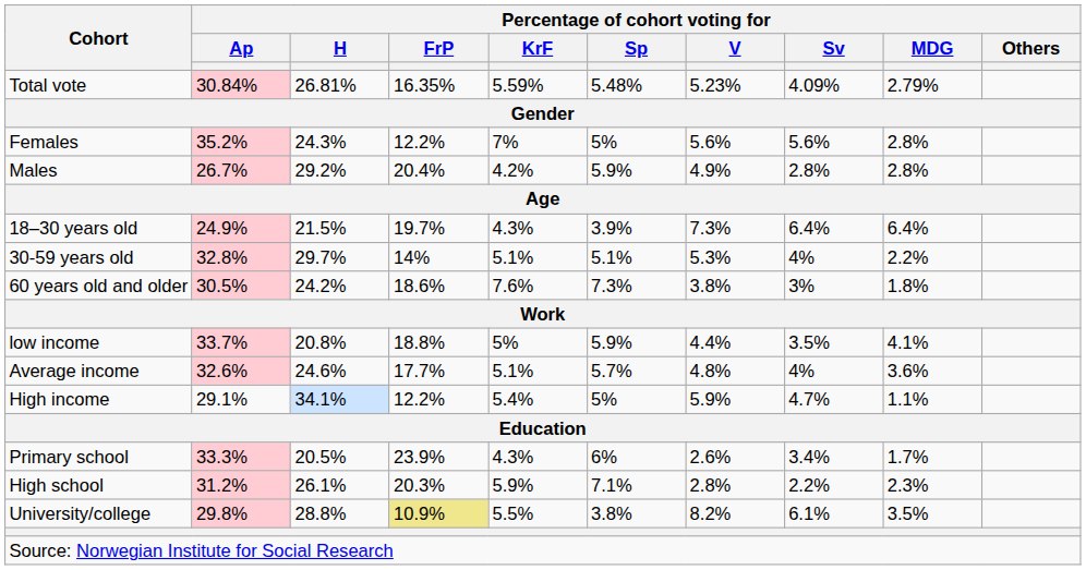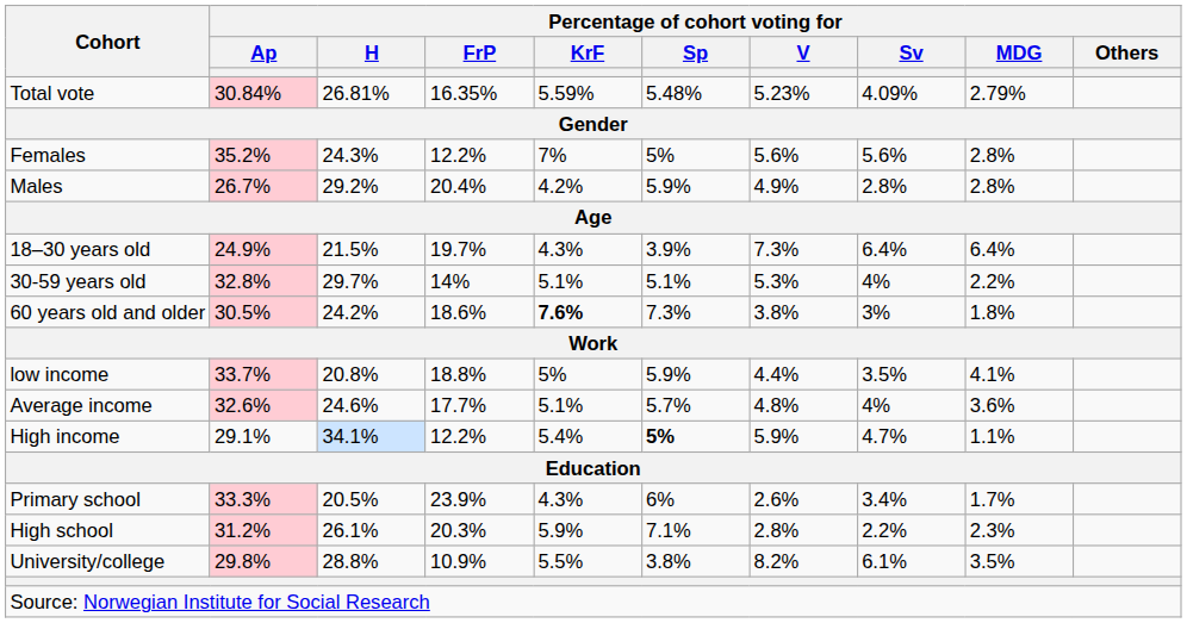 <table class="wikitable" style="font-size:95%;">
 <tr>
 <th rowspan="3">Cohort</th>
 <th colspan="9">Percentage of cohort voting for</th>
 </tr>
 <tr>
 <th scope="col" style="width:5em;"><a href='#'>Ap</a></th>
 <th scope="col" style="width:5em;"><a href='#'>H</a></th>
 <th scope="col" style="width:5em;"><a href='#'>FrP</a></th>
 <th scope="col" style="width:5em;"><a href='#'>KrF</a></th>
 <th scope="col" style="width:5em;"><a href='#'>Sp</a></th>
 <th scope="col" style="width:5em;"><a href='#'>V</a></th>
 <th scope="col" style="width:5em;"><a href='#'>Sv</a></th>
 <th scope="col" style="width:5em;"><a href='#'>MDG</a></th>
 <th scope="col" style="width:5em;">Others</th>
 </tr>
 <tr>
 <th style="background:"></th>
 <th style="background:"></th>
 <th style="background:"></th>
 <th style="background:"></th>
 <th style="background:"></th>
 <th style="background:"></th>
 <th style="background:"></th>
 <th style="background:"></th>
 <th style="background:"></th>
 </tr>
 <tr>
 <td>Total vote</td>
 <td style="background:#ffccd4;">30.84%</td>
 <td>26.81%</td>
 <td>16.35%</td>
 <td>5.59%</td>
 <td>5.48%</td>
 <td>5.23%</td>
 <td>4.09%</td>
 <td>2.79%</td>
 <td></td>
 </tr>
 <tr>
 <th colspan="10">Gender</th>
 </tr>
 <tr>
 <td>Females</td>
 <td style="background:#ffccd4;">35.2%</td>
 <td>24.3%</td>
 <td>12.2%</td>
 <td>7%</td>
 <td>5%</td>
 <td>5.6%</td>
 <td>5.6%</td>
 <td>2.8%</td>
 <td></td>
 </tr>
 <tr>
 <td>Males</td>
 <td style="background:#ffccd4;">26.7%</td>
 <td>29.2%</td>
 <td>20.4%</td>
 <td>4.2%</td>
 <td>5.9%</td>
 <td>4.9%</td>
 <td>2.8%</td>
 <td>2.8%</td>
 <td></td>
 </tr>
 <tr>
 <th colspan="10">Age</th>
 </tr>
 <tr>
 <td>18–30 years old</td>
 <td style="background:#ffccd4;">24.9%</td>
 <td>21.5%</td>
 <td>19.7%</td>
 <td>4.3%</td>
 <td>3.9%</td>
 <td>7.3%</td>
 <td>6.4%</td>
 <td>6.4%</td>
 <td></td>
 </tr>
 <tr>
 <td>30-59 years old</td>
 <td style="background:#ffccd4;">32.8%</td>
 <td>29.7%</td>
 <td>14%</td>
 <td>5.1%</td>
 <td>5.1%</td>
 <td>5.3%</td>
 <td>4%</td>
 <td>2.2%</td>
 <td></td>
 </tr>
 <tr>
 <td>60 years old and older</td>
 <td style="background:#ffccd4;">30.5%</td>
 <td>24.2%</td>
 <td>18.6%</td>
-<td>7.6%</td>
+<td><strong>7.6%</strong></td>
 <td>7.3%</td>
 <td>3.8%</td>
 <td>3%</td>
 <td>1.8%</td>
 <td></td>
 </tr>
 <tr>
 <th colspan="10">Work</th>
 </tr>
 <tr>
 <td>low income</td>
 <td style="background:#ffccd4;">33.7%</td>
 <td>20.8%</td>
 <td>18.8%</td>
 <td>5%</td>
 <td>5.9%</td>
 <td>4.4%</td>
 <td>3.5%</td>
 <td>4.1%</td>
 <td></td>
 </tr>
 <tr>
 <td>Average income</td>
 <td style="background:#ffccd4;">32.6%</td>
 <td>24.6%</td>
 <td>17.7%</td>
 <td>5.1%</td>
 <td>5.7%</td>
 <td>4.8%</td>
 <td>4%</td>
 <td>3.6%</td>
 <td></td>
 </tr>
 <tr>
 <td>High income</td>
 <td>29.1%</td>
 <td style="background:#cce4ff;">34.1%</td>
 <td>12.2%</td>
 <td>5.4%</td>
-<td>5%</td>
+<td><strong>5%</strong></td>
 <td>5.9%</td>
 <td>4.7%</td>
 <td>1.1%</td>
 <td></td>
 </tr>
 <tr>
 <th colspan="10">Education</th>
 </tr>
 <tr>
 <td>Primary school</td>
 <td style="background:#ffccd4;">33.3%</td>
 <td>20.5%</td>
 <td>23.9%</td>
 <td>4.3%</td>
 <td>6%</td>
 <td>2.6%</td>
 <td>3.4%</td>
 <td>1.7%</td>
 <td></td>
 </tr>
 <tr>
 <td>High school</td>
 <td style="background:#ffccd4;">31.2%</td>
 <td>26.1%</td>
 <td>20.3%</td>
 <td>5.9%</td>
 <td>7.1%</td>
 <td>2.8%</td>
 <td>2.2%</td>
 <td>2.3%</td>
 <td></td>
 </tr>
 <tr>
 <td>University/college</td>
 <td style="background:#ffccd4;">29.8%</td>
 <td>28.8%</td>
-<td style="background: khaki;">10.9%</td>
+<td>10.9%</td>
 <td>5.5%</td>
 <td>3.8%</td>
 <td>8.2%</td>
 <td>6.1%</td>
 <td>3.5%</td>
 <td></td>
 </tr>
 <tr>
 <th colspan="11!"></th>
 </tr>
 <tr>
 <td colspan="10">Source: <a href='#'>Norwegian Institute for Social Research</a></td>
 </tr>
 </table>
